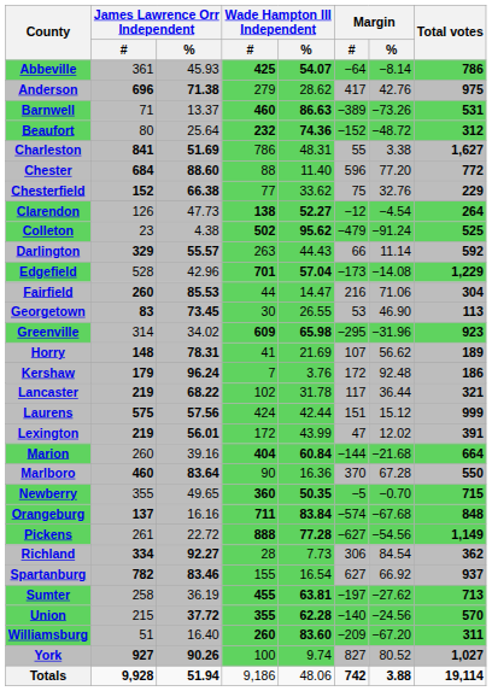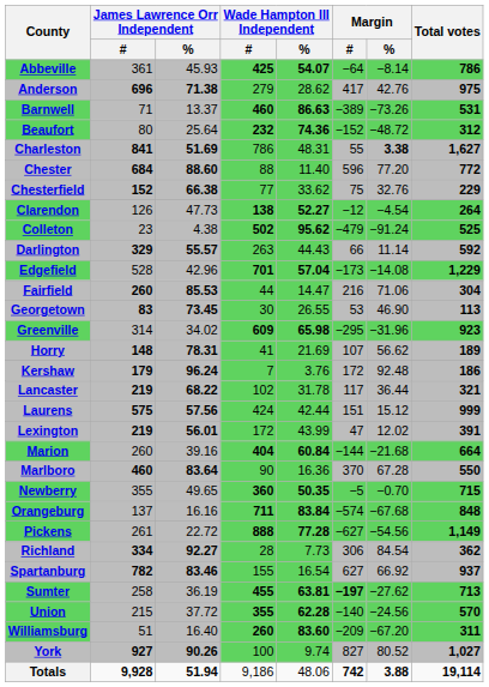 <table class="wikitable sortable"  style="text-align:right">
 <tr>
 <th rowspan="2">County</th>
 <th colspan="2"><a href='#'>James Lawrence Orr</a><br><a href='#'>Independent</a></th>
 <th colspan="2"><a href='#'>Wade Hampton III</a><br><a href='#'>Independent</a></th>
 <th colspan="2">Margin</th>
 <th rowspan="2">Total votes</th>
 </tr>
 <tr>
 <th data-sort-type="number" style="text-align:center;">#</th>
 <th data-sort-type="number" style="text-align:center;">%</th>
 <th data-sort-type="number" style="text-align:center;">#</th>
 <th data-sort-type="number" style="text-align:center;">%</th>
 <th data-sort-type="number" style="text-align:center;">#</th>
 <th data-sort-type="number" style="text-align:center;">%</th>
 </tr>
 <tr>
 <th style="background-color:#5fd35f"><a href='#'>Abbeville</a></th>
 <td ! style="background-color:#BDBDBD">361</td>
 <td ! style="background-color:#BDBDBD">45.93</td>
 <td ! style="background-color:#5fd35f"><strong>425</strong></td>
 <td ! style="background-color:#5fd35f"><strong>54.07</strong></td>
 <td ! style="background-color:#5fd35f">−64</td>
 <td ! style="background-color:#5fd35f">−8.14</td>
 <td ! style="background-color:#5fd35f"><strong>786</strong></td>
 </tr>
 <tr>
 <th style="background-color:#BDBDBD"><a href='#'>Anderson</a></th>
 <td ! style="background-color:#BDBDBD"><strong>696</strong></td>
 <td ! style="background-color:#BDBDBD"><strong>71.38</strong></td>
 <td ! style="background-color:#5fd35f">279</td>
 <td ! style="background-color:#5fd35f">28.62</td>
 <td ! style="background-color:#BDBDBD">417</td>
 <td ! style="background-color:#BDBDBD">42.76</td>
 <td ! style="background-color:#BDBDBD"><strong>975</strong></td>
 </tr>
 <tr>
 <th style="background-color:#5fd35f"><a href='#'>Barnwell</a></th>
 <td ! style="background-color:#BDBDBD">71</td>
 <td ! style="background-color:#BDBDBD">13.37</td>
 <td ! style="background-color:#5fd35f"><strong>460</strong></td>
 <td ! style="background-color:#5fd35f"><strong>86.63</strong></td>
 <td ! style="background-color:#5fd35f">−389</td>
 <td ! style="background-color:#5fd35f">−73.26</td>
 <td ! style="background-color:#5fd35f"><strong>531</strong></td>
 </tr>
 <tr>
 <th style="background-color:#5fd35f"><a href='#'>Beaufort</a></th>
 <td ! style="background-color:#BDBDBD">80</td>
 <td ! style="background-color:#BDBDBD">25.64</td>
 <td ! style="background-color:#5fd35f"><strong>232</strong></td>
 <td ! style="background-color:#5fd35f"><strong>74.36</strong></td>
 <td ! style="background-color:#5fd35f">−152</td>
 <td ! style="background-color:#5fd35f">−48.72</td>
 <td ! style="background-color:#5fd35f"><strong>312</strong></td>
 </tr>
 <tr>
 <th style="background-color:#BDBDBD"><a href='#'>Charleston</a></th>
 <td ! style="background-color:#BDBDBD"><strong>841</strong></td>
 <td ! style="background-color:#BDBDBD"><strong>51.69</strong></td>
 <td ! style="background-color:#5fd35f">786</td>
 <td ! style="background-color:#5fd35f">48.31</td>
 <td ! style="background-color:#BDBDBD">55</td>
-<td ! style="background-color:#BDBDBD">3.38</td>
+<td ! style="background-color:#BDBDBD"><strong>3.38</strong></td>
 <td ! style="background-color:#BDBDBD"><strong>1,627</strong></td>
 </tr>
 <tr>
 <th style="background-color:#BDBDBD"><a href='#'>Chester</a></th>
 <td ! style="background-color:#BDBDBD"><strong>684</strong></td>
 <td ! style="background-color:#BDBDBD"><strong>88.60</strong></td>
 <td ! style="background-color:#5fd35f">88</td>
 <td ! style="background-color:#5fd35f">11.40</td>
 <td ! style="background-color:#BDBDBD">596</td>
 <td ! style="background-color:#BDBDBD">77.20</td>
 <td ! style="background-color:#BDBDBD"><strong>772</strong></td>
 </tr>
 <tr>
 <th style="background-color:#BDBDBD"><a href='#'>Chesterfield</a></th>
 <td ! style="background-color:#BDBDBD"><strong>152</strong></td>
 <td ! style="background-color:#BDBDBD"><strong>66.38</strong></td>
 <td ! style="background-color:#5fd35f">77</td>
 <td ! style="background-color:#5fd35f">33.62</td>
 <td ! style="background-color:#BDBDBD">75</td>
 <td ! style="background-color:#BDBDBD">32.76</td>
 <td ! style="background-color:#BDBDBD"><strong>229</strong></td>
 </tr>
 <tr>
 <th style="background-color:#5fd35f"><a href='#'>Clarendon</a></th>
 <td ! style="background-color:#BDBDBD">126</td>
 <td ! style="background-color:#BDBDBD">47.73</td>
 <td ! style="background-color:#5fd35f"><strong>138</strong></td>
 <td ! style="background-color:#5fd35f"><strong>52.27</strong></td>
 <td ! style="background-color:#5fd35f">−12</td>
 <td ! style="background-color:#5fd35f">−4.54</td>
 <td ! style="background-color:#5fd35f"><strong>264</strong></td>
 </tr>
 <tr>
 <th style="background-color:#5fd35f"><a href='#'>Colleton</a></th>
 <td ! style="background-color:#BDBDBD">23</td>
 <td ! style="background-color:#BDBDBD">4.38</td>
 <td ! style="background-color:#5fd35f"><strong>502</strong></td>
 <td ! style="background-color:#5fd35f"><strong>95.62</strong></td>
 <td ! style="background-color:#5fd35f">−479</td>
 <td ! style="background-color:#5fd35f">−91.24</td>
 <td ! style="background-color:#5fd35f"><strong>525</strong></td>
 </tr>
 <tr>
 <th style="background-color:#BDBDBD"><a href='#'>Darlington</a></th>
 <td ! style="background-color:#BDBDBD"><strong>329</strong></td>
 <td ! style="background-color:#BDBDBD"><strong>55.57</strong></td>
 <td ! style="background-color:#5fd35f">263</td>
 <td ! style="background-color:#5fd35f">44.43</td>
 <td ! style="background-color:#BDBDBD">66</td>
 <td ! style="background-color:#BDBDBD">11.14</td>
 <td ! style="background-color:#BDBDBD"><strong>592</strong></td>
 </tr>
 <tr>
 <th style="background-color:#5fd35f"><a href='#'>Edgefield</a></th>
 <td ! style="background-color:#BDBDBD">528</td>
 <td ! style="background-color:#BDBDBD">42.96</td>
 <td ! style="background-color:#5fd35f"><strong>701</strong></td>
 <td ! style="background-color:#5fd35f"><strong>57.04</strong></td>
 <td ! style="background-color:#5fd35f">−173</td>
 <td ! style="background-color:#5fd35f">−14.08</td>
 <td ! style="background-color:#5fd35f"><strong>1,229</strong></td>
 </tr>
 <tr>
 <th style="background-color:#BDBDBD"><a href='#'>Fairfield</a></th>
 <td ! style="background-color:#BDBDBD"><strong>260</strong></td>
 <td ! style="background-color:#BDBDBD"><strong>85.53</strong></td>
 <td ! style="background-color:#5fd35f">44</td>
 <td ! style="background-color:#5fd35f">14.47</td>
 <td ! style="background-color:#BDBDBD">216</td>
 <td ! style="background-color:#BDBDBD">71.06</td>
 <td ! style="background-color:#BDBDBD"><strong>304</strong></td>
 </tr>
 <tr>
 <th style="background-color:#BDBDBD"><a href='#'>Georgetown</a></th>
 <td ! style="background-color:#BDBDBD"><strong>83</strong></td>
 <td ! style="background-color:#BDBDBD"><strong>73.45</strong></td>
 <td ! style="background-color:#5fd35f">30</td>
 <td ! style="background-color:#5fd35f">26.55</td>
 <td ! style="background-color:#BDBDBD">53</td>
 <td ! style="background-color:#BDBDBD">46.90</td>
 <td ! style="background-color:#BDBDBD"><strong>113</strong></td>
 </tr>
 <tr>
 <th style="background-color:#5fd35f"><a href='#'>Greenville</a></th>
 <td ! style="background-color:#BDBDBD">314</td>
 <td ! style="background-color:#BDBDBD">34.02</td>
 <td ! style="background-color:#5fd35f"><strong>609</strong></td>
 <td ! style="background-color:#5fd35f"><strong>65.98</strong></td>
 <td ! style="background-color:#5fd35f">−295</td>
 <td ! style="background-color:#5fd35f">−31.96</td>
 <td ! style="background-color:#5fd35f"><strong>923</strong></td>
 </tr>
 <tr>
 <th style="background-color:#BDBDBD"><a href='#'>Horry</a></th>
 <td ! style="background-color:#BDBDBD"><strong>148</strong></td>
 <td ! style="background-color:#BDBDBD"><strong>78.31</strong></td>
 <td ! style="background-color:#5fd35f">41</td>
 <td ! style="background-color:#5fd35f">21.69</td>
 <td ! style="background-color:#BDBDBD">107</td>
 <td ! style="background-color:#BDBDBD">56.62</td>
 <td ! style="background-color:#BDBDBD"><strong>189</strong></td>
 </tr>
 <tr>
 <th style="background-color:#BDBDBD"><a href='#'>Kershaw</a></th>
 <td ! style="background-color:#BDBDBD"><strong>179</strong></td>
 <td ! style="background-color:#BDBDBD"><strong>96.24</strong></td>
 <td ! style="background-color:#5fd35f">7</td>
 <td ! style="background-color:#5fd35f">3.76</td>
 <td ! style="background-color:#BDBDBD">172</td>
 <td ! style="background-color:#BDBDBD">92.48</td>
 <td ! style="background-color:#BDBDBD"><strong>186</strong></td>
 </tr>
 <tr>
 <th style="background-color:#BDBDBD"><a href='#'>Lancaster</a></th>
 <td ! style="background-color:#BDBDBD"><strong>219</strong></td>
 <td ! style="background-color:#BDBDBD"><strong>68.22</strong></td>
 <td ! style="background-color:#5fd35f">102</td>
 <td ! style="background-color:#5fd35f">31.78</td>
 <td ! style="background-color:#BDBDBD">117</td>
 <td ! style="background-color:#BDBDBD">36.44</td>
 <td ! style="background-color:#BDBDBD"><strong>321</strong></td>
 </tr>
 <tr>
 <th style="background-color:#BDBDBD"><a href='#'>Laurens</a></th>
 <td ! style="background-color:#BDBDBD"><strong>575</strong></td>
 <td ! style="background-color:#BDBDBD"><strong>57.56</strong></td>
 <td ! style="background-color:#5fd35f">424</td>
 <td ! style="background-color:#5fd35f">42.44</td>
 <td ! style="background-color:#BDBDBD">151</td>
 <td ! style="background-color:#BDBDBD">15.12</td>
 <td ! style="background-color:#BDBDBD"><strong>999</strong></td>
 </tr>
 <tr>
 <th style="background-color:#BDBDBD"><a href='#'>Lexington</a></th>
 <td ! style="background-color:#BDBDBD"><strong>219</strong></td>
 <td ! style="background-color:#BDBDBD"><strong>56.01</strong></td>
 <td ! style="background-color:#5fd35f">172</td>
 <td ! style="background-color:#5fd35f">43.99</td>
 <td ! style="background-color:#BDBDBD">47</td>
 <td ! style="background-color:#BDBDBD">12.02</td>
 <td ! style="background-color:#BDBDBD"><strong>391</strong></td>
 </tr>
 <tr>
 <th style="background-color:#5fd35f"><a href='#'>Marion</a></th>
 <td ! style="background-color:#BDBDBD">260</td>
 <td ! style="background-color:#BDBDBD">39.16</td>
 <td ! style="background-color:#5fd35f"><strong>404</strong></td>
 <td ! style="background-color:#5fd35f"><strong>60.84</strong></td>
 <td ! style="background-color:#5fd35f">−144</td>
 <td ! style="background-color:#5fd35f">−21.68</td>
 <td ! style="background-color:#5fd35f"><strong>664</strong></td>
 </tr>
 <tr>
 <th style="background-color:#BDBDBD"><a href='#'>Marlboro</a></th>
 <td ! style="background-color:#BDBDBD"><strong>460</strong></td>
 <td ! style="background-color:#BDBDBD"><strong>83.64</strong></td>
 <td ! style="background-color:#5fd35f">90</td>
 <td ! style="background-color:#5fd35f">16.36</td>
 <td ! style="background-color:#BDBDBD">370</td>
 <td ! style="background-color:#BDBDBD">67.28</td>
 <td ! style="background-color:#BDBDBD"><strong>550</strong></td>
 </tr>
 <tr>
 <th style="background-color:#5fd35f"><a href='#'>Newberry</a></th>
 <td ! style="background-color:#BDBDBD">355</td>
 <td ! style="background-color:#BDBDBD">49.65</td>
 <td ! style="background-color:#5fd35f"><strong>360</strong></td>
 <td ! style="background-color:#5fd35f"><strong>50.35</strong></td>
 <td ! style="background-color:#5fd35f">−5</td>
 <td ! style="background-color:#5fd35f">−0.70</td>
 <td ! style="background-color:#5fd35f"><strong>715</strong></td>
 </tr>
 <tr>
 <th style="background-color:#5fd35f"><a href='#'>Orangeburg</a></th>
-<td ! style="background-color:#BDBDBD"><strong>137</strong></td>
+<td ! style="background-color:#BDBDBD">137</td>
 <td ! style="background-color:#BDBDBD">16.16</td>
 <td ! style="background-color:#5fd35f"><strong>711</strong></td>
 <td ! style="background-color:#5fd35f"><strong>83.84</strong></td>
 <td ! style="background-color:#5fd35f">−574</td>
 <td ! style="background-color:#5fd35f">−67.68</td>
 <td ! style="background-color:#5fd35f"><strong>848</strong></td>
 </tr>
 <tr>
 <th style="background-color:#5fd35f"><a href='#'>Pickens</a></th>
 <td ! style="background-color:#BDBDBD">261</td>
 <td ! style="background-color:#BDBDBD">22.72</td>
 <td ! style="background-color:#5fd35f"><strong>888</strong></td>
 <td ! style="background-color:#5fd35f"><strong>77.28</strong></td>
 <td ! style="background-color:#5fd35f">−627</td>
 <td ! style="background-color:#5fd35f">−54.56</td>
 <td ! style="background-color:#5fd35f"><strong>1,149</strong></td>
 </tr>
 <tr>
 <th style="background-color:#BDBDBD"><a href='#'>Richland</a></th>
 <td ! style="background-color:#BDBDBD"><strong>334</strong></td>
 <td ! style="background-color:#BDBDBD"><strong>92.27</strong></td>
 <td ! style="background-color:#5fd35f">28</td>
 <td ! style="background-color:#5fd35f">7.73</td>
 <td ! style="background-color:#BDBDBD">306</td>
 <td ! style="background-color:#BDBDBD">84.54</td>
 <td ! style="background-color:#BDBDBD"><strong>362</strong></td>
 </tr>
 <tr>
 <th style="background-color:#BDBDBD"><a href='#'>Spartanburg</a></th>
 <td ! style="background-color:#BDBDBD"><strong>782</strong></td>
 <td ! style="background-color:#BDBDBD"><strong>83.46</strong></td>
 <td ! style="background-color:#5fd35f">155</td>
 <td ! style="background-color:#5fd35f">16.54</td>
 <td ! style="background-color:#BDBDBD">627</td>
 <td ! style="background-color:#BDBDBD">66.92</td>
 <td ! style="background-color:#BDBDBD"><strong>937</strong></td>
 </tr>
 <tr>
 <th style="background-color:#5fd35f"><a href='#'>Sumter</a></th>
 <td ! style="background-color:#BDBDBD">258</td>
 <td ! style="background-color:#BDBDBD">36.19</td>
 <td ! style="background-color:#5fd35f"><strong>455</strong></td>
 <td ! style="background-color:#5fd35f"><strong>63.81</strong></td>
-<td ! style="background-color:#5fd35f">−197</td>
+<td ! style="background-color:#5fd35f"><strong>−197</strong></td>
 <td ! style="background-color:#5fd35f">−27.62</td>
 <td ! style="background-color:#5fd35f"><strong>713</strong></td>
 </tr>
 <tr>
 <th style="background-color:#5fd35f"><a href='#'>Union</a></th>
 <td ! style="background-color:#BDBDBD">215</td>
-<td ! style="background-color:#BDBDBD"><strong>37.72</strong></td>
+<td ! style="background-color:#BDBDBD">37.72</td>
 <td ! style="background-color:#5fd35f"><strong>355</strong></td>
 <td ! style="background-color:#5fd35f"><strong>62.28</strong></td>
 <td ! style="background-color:#5fd35f">−140</td>
 <td ! style="background-color:#5fd35f">−24.56</td>
 <td ! style="background-color:#5fd35f"><strong>570</strong></td>
 </tr>
 <tr>
 <th style="background-color:#5fd35f"><a href='#'>Williamsburg</a></th>
 <td ! style="background-color:#BDBDBD">51</td>
 <td ! style="background-color:#BDBDBD">16.40</td>
 <td ! style="background-color:#5fd35f"><strong>260</strong></td>
 <td ! style="background-color:#5fd35f"><strong>83.60</strong></td>
 <td ! style="background-color:#5fd35f">−209</td>
 <td ! style="background-color:#5fd35f">−67.20</td>
 <td ! style="background-color:#5fd35f"><strong>311</strong></td>
 </tr>
 <tr>
 <th style="background-color:#BDBDBD"><a href='#'>York</a></th>
 <td ! style="background-color:#BDBDBD"><strong>927</strong></td>
 <td ! style="background-color:#BDBDBD"><strong>90.26</strong></td>
 <td ! style="background-color:#5fd35f">100</td>
 <td ! style="background-color:#5fd35f">9.74</td>
 <td ! style="background-color:#BDBDBD">827</td>
 <td ! style="background-color:#BDBDBD">80.52</td>
 <td ! style="background-color:#BDBDBD"><strong>1,027</strong></td>
 </tr>
 <tr>
 <th data-sort-value="ZZZ">Totals</th>
 <td><strong>9,928</strong></td>
 <td><strong>51.94</strong></td>
 <td>9,186</td>
 <td>48.06</td>
 <td><strong>742</strong></td>
 <td><strong>3.88</strong></td>
 <td><strong>19,114</strong></td>
 </tr>
 </table>
